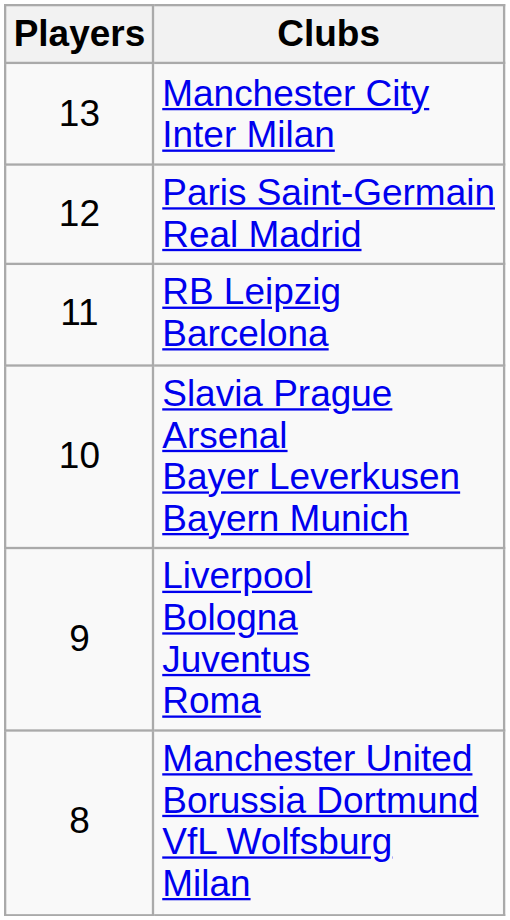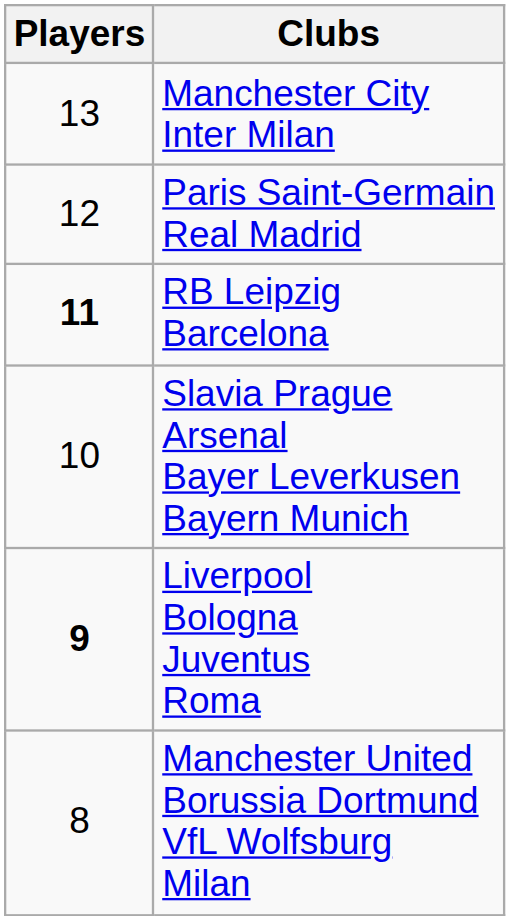 <table class="wikitable">
 <tr>
 <th>Players</th>
 <th>Clubs</th>
 </tr>
 <tr>
 <td align="center">13</td>
 <td> <a href='#'>Manchester City</a><br> <a href='#'>Inter Milan</a></td>
 </tr>
 <tr>
 <td align="center">12</td>
 <td> <a href='#'>Paris Saint-Germain</a><br> <a href='#'>Real Madrid</a></td>
 </tr>
 <tr>
-<td align="center">11</td>
+<td align="center"><strong>11</strong></td>
 <td> <a href='#'>RB Leipzig</a><br> <a href='#'>Barcelona</a></td>
 </tr>
 <tr>
 <td align="center">10</td>
 <td> <a href='#'>Slavia Prague</a><br> <a href='#'>Arsenal</a><br> <a href='#'>Bayer Leverkusen</a><br> <a href='#'>Bayern Munich</a></td>
 </tr>
 <tr>
-<td align="center">9</td>
+<td align="center"><strong>9</strong></td>
 <td> <a href='#'>Liverpool</a><br> <a href='#'>Bologna</a><br> <a href='#'>Juventus</a><br> <a href='#'>Roma</a></td>
 </tr>
 <tr>
 <td align="center">8</td>
 <td> <a href='#'>Manchester United</a><br> <a href='#'>Borussia Dortmund</a><br> <a href='#'>VfL Wolfsburg</a><br> <a href='#'>Milan</a></td>
 </tr>
 </table>
